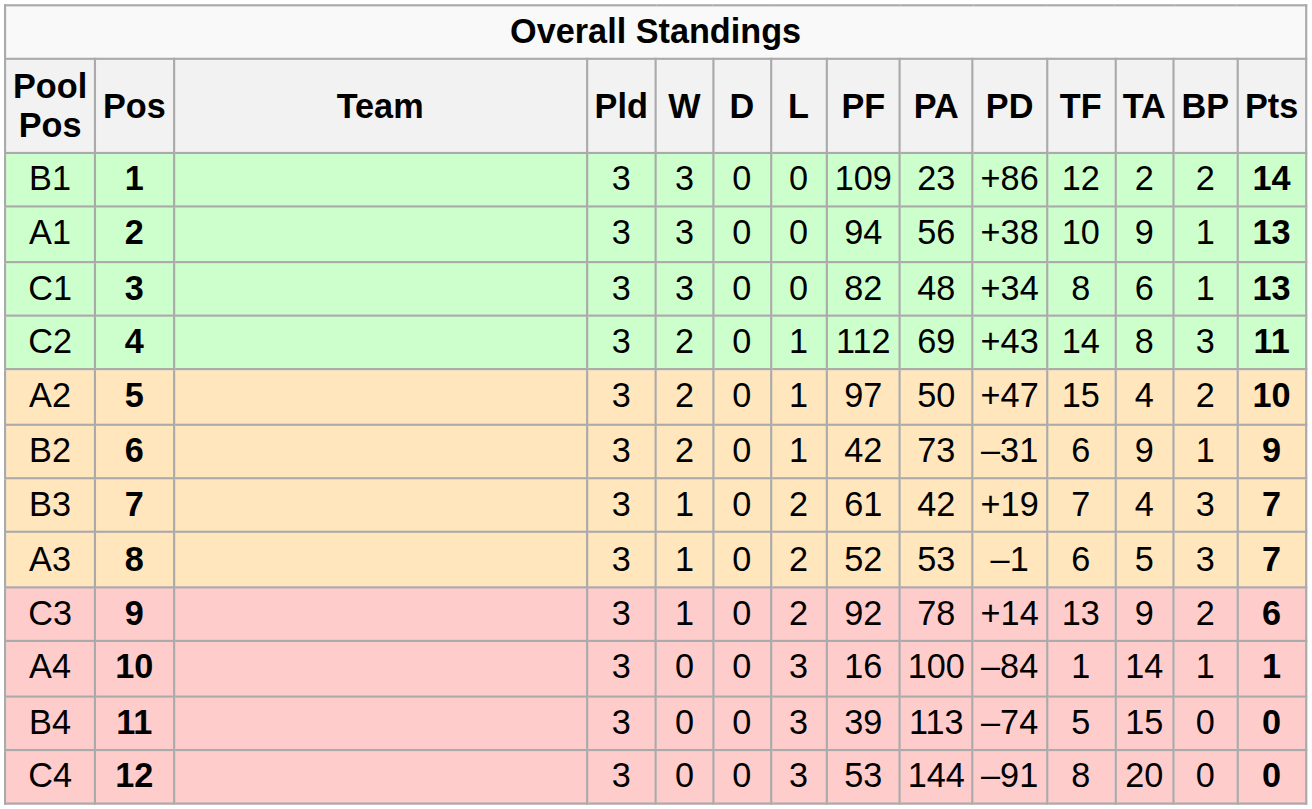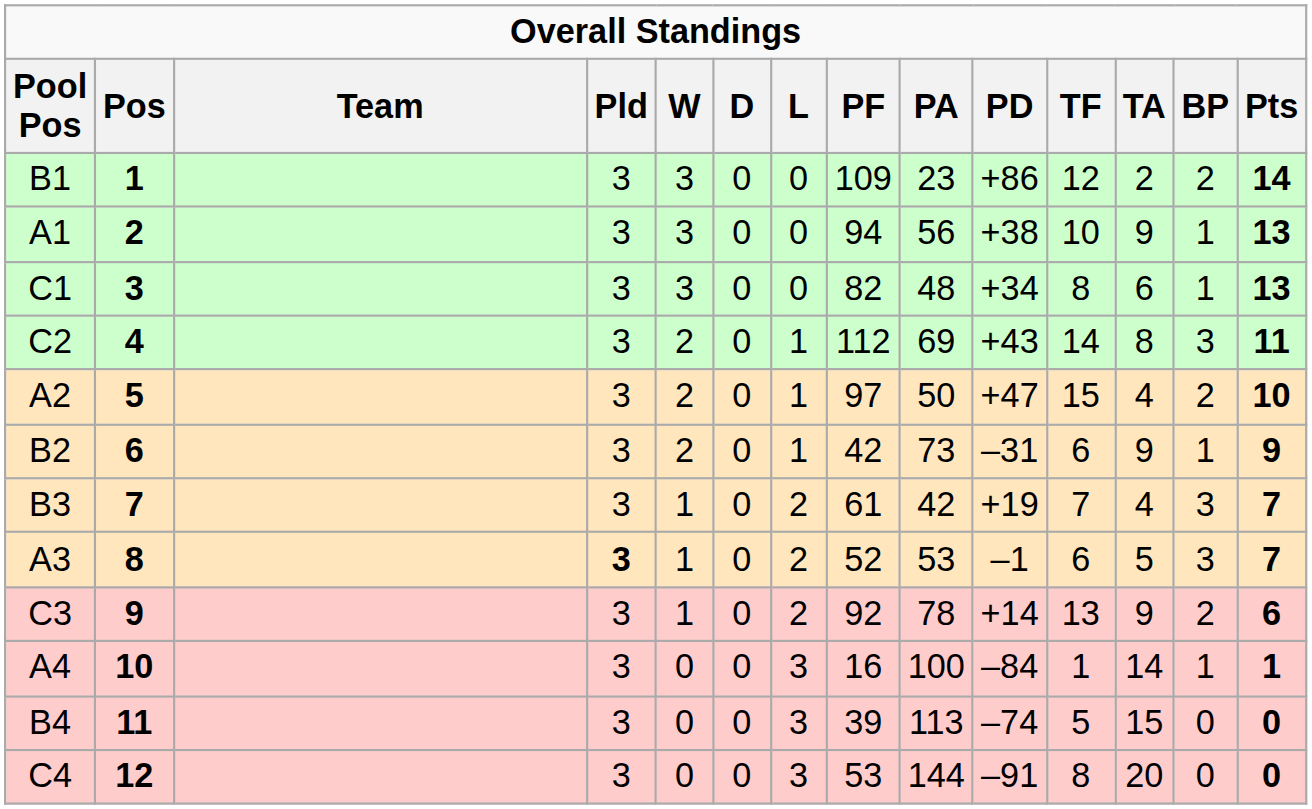 <table class="wikitable" style="float:left; margin-right:15px; text-align: center;">
 <tr>
 <td colspan=15><div><strong>Overall Standings</strong></div></td>
 </tr>
 <tr>
 <th width="20">Pool Pos</th>
 <th width="20">Pos</th>
 <th width="200">Team</th>
 <th width="20">Pld</th>
 <th width="20">W</th>
 <th width="20">D</th>
 <th width="20">L</th>
 <th width="20">PF</th>
 <th width="20">PA</th>
 <th width="20">PD</th>
 <th width="25">TF</th>
 <th width="20">TA</th>
 <th width="20">BP</th>
 <th width="20">Pts<br></th>
 </tr>
 <tr style="background:#ccffcc; text-align:center;">
 <td>B1</td>
 <td><strong>1</strong></td>
 <td align=left></td>
 <td>3</td>
 <td>3</td>
 <td>0</td>
 <td>0</td>
 <td>109</td>
 <td>23</td>
 <td>+86</td>
 <td>12</td>
 <td>2</td>
 <td>2</td>
 <td><strong>14</strong></td>
 </tr>
 <tr style="background:#ccffcc; text-align:center;">
 <td>A1</td>
 <td><strong>2</strong></td>
 <td align=left></td>
 <td>3</td>
 <td>3</td>
 <td>0</td>
 <td>0</td>
 <td>94</td>
 <td>56</td>
 <td>+38</td>
 <td>10</td>
 <td>9</td>
 <td>1</td>
 <td><strong>13</strong></td>
 </tr>
 <tr style="background:#ccffcc; text-align:center;">
 <td>C1</td>
 <td><strong>3</strong></td>
 <td align=left></td>
 <td>3</td>
 <td>3</td>
 <td>0</td>
 <td>0</td>
 <td>82</td>
 <td>48</td>
 <td>+34</td>
 <td>8</td>
 <td>6</td>
 <td>1</td>
 <td><strong>13</strong></td>
 </tr>
 <tr style="background:#ccffcc; text-align:center;">
 <td>C2</td>
 <td><strong>4</strong></td>
 <td align=left></td>
 <td>3</td>
 <td>2</td>
 <td>0</td>
 <td>1</td>
 <td>112</td>
 <td>69</td>
 <td>+43</td>
 <td>14</td>
 <td>8</td>
 <td>3</td>
 <td><strong>11</strong></td>
 </tr>
 <tr style="background:#ffe6bd; text-align:center;">
 <td>A2</td>
 <td><strong>5</strong></td>
 <td align=left></td>
 <td>3</td>
 <td>2</td>
 <td>0</td>
 <td>1</td>
 <td>97</td>
 <td>50</td>
 <td>+47</td>
 <td>15</td>
 <td>4</td>
 <td>2</td>
 <td><strong>10</strong></td>
 </tr>
 <tr style="background:#ffe6bd; text-align:center;">
 <td>B2</td>
 <td><strong>6</strong></td>
 <td align=left></td>
 <td>3</td>
 <td>2</td>
 <td>0</td>
 <td>1</td>
 <td>42</td>
 <td>73</td>
 <td>–31</td>
 <td>6</td>
 <td>9</td>
 <td>1</td>
 <td><strong>9</strong></td>
 </tr>
 <tr style="background:#ffe6bd; text-align:center;">
 <td>B3</td>
 <td><strong>7</strong></td>
 <td align=left></td>
 <td>3</td>
 <td>1</td>
 <td>0</td>
 <td>2</td>
 <td>61</td>
 <td>42</td>
 <td>+19</td>
 <td>7</td>
 <td>4</td>
 <td>3</td>
 <td><strong>7</strong></td>
 </tr>
 <tr style="background:#ffe6bd; text-align:center;">
 <td>A3</td>
 <td><strong>8</strong></td>
 <td align=left></td>
-<td>3</td>
+<td><strong>3</strong></td>
 <td>1</td>
 <td>0</td>
 <td>2</td>
 <td>52</td>
 <td>53</td>
 <td>–1</td>
 <td>6</td>
 <td>5</td>
 <td>3</td>
 <td><strong>7</strong></td>
 </tr>
 <tr style="background:#fcc; text-align:center;">
 <td>C3</td>
 <td><strong>9</strong></td>
 <td align=left></td>
 <td>3</td>
 <td>1</td>
 <td>0</td>
 <td>2</td>
 <td>92</td>
 <td>78</td>
 <td>+14</td>
 <td>13</td>
 <td>9</td>
 <td>2</td>
 <td><strong>6</strong></td>
 </tr>
 <tr style="background:#fcc; text-align:center;">
 <td>A4</td>
 <td><strong>10</strong></td>
 <td align=left></td>
 <td>3</td>
 <td>0</td>
 <td>0</td>
 <td>3</td>
 <td>16</td>
 <td>100</td>
 <td>–84</td>
 <td>1</td>
 <td>14</td>
 <td>1</td>
 <td><strong>1</strong></td>
 </tr>
 <tr style="background:#fcc; text-align:center;">
 <td>B4</td>
 <td><strong>11</strong></td>
 <td align=left></td>
 <td>3</td>
 <td>0</td>
 <td>0</td>
 <td>3</td>
 <td>39</td>
 <td>113</td>
 <td>–74</td>
 <td>5</td>
 <td>15</td>
 <td>0</td>
 <td><strong>0</strong></td>
 </tr>
 <tr style="background:#fcc; text-align:center;">
 <td>C4</td>
 <td><strong>12</strong></td>
 <td align=left></td>
 <td>3</td>
 <td>0</td>
 <td>0</td>
 <td>3</td>
 <td>53</td>
 <td>144</td>
 <td>–91</td>
 <td>8</td>
 <td>20</td>
 <td>0</td>
 <td><strong>0</strong></td>
 </tr>
 </table>
